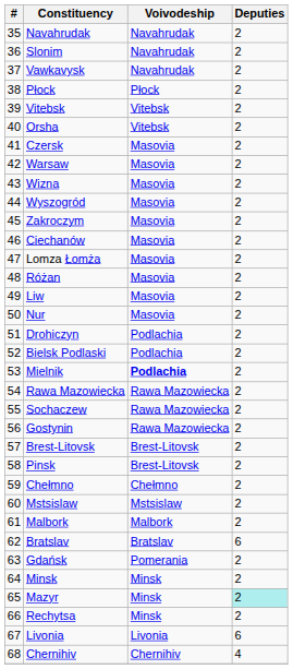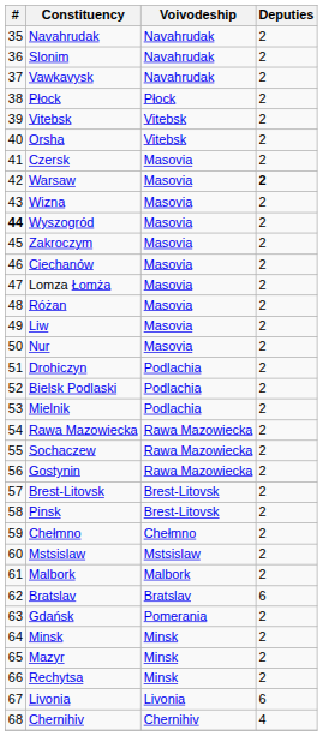 <table class="wikitable sortable">
 <tr>
 <th>#</th>
 <th>Constituency</th>
 <th>Voivodeship</th>
 <th>Deputies</th>
 </tr>
 <tr>
 <td>35</td>
 <td><a href='#'>Navahrudak</a></td>
 <td><a href='#'>Navahrudak</a></td>
 <td>2</td>
 </tr>
 <tr>
 <td>36</td>
 <td><a href='#'>Slonim</a></td>
 <td><a href='#'>Navahrudak</a></td>
 <td>2</td>
 </tr>
 <tr>
 <td>37</td>
 <td><a href='#'>Vawkavysk</a></td>
 <td><a href='#'>Navahrudak</a></td>
 <td>2</td>
 </tr>
 <tr>
 <td>38</td>
 <td><a href='#'>Płock</a></td>
 <td><a href='#'>Płock</a></td>
 <td>2</td>
 </tr>
 <tr>
 <td>39</td>
 <td><a href='#'>Vitebsk</a></td>
 <td><a href='#'>Vitebsk</a></td>
 <td>2</td>
 </tr>
 <tr>
 <td>40</td>
 <td><a href='#'>Orsha</a></td>
 <td><a href='#'>Vitebsk</a></td>
 <td>2</td>
 </tr>
 <tr>
 <td>41</td>
 <td><a href='#'>Czersk</a></td>
 <td><a href='#'>Masovia</a></td>
 <td>2</td>
 </tr>
 <tr>
 <td>42</td>
 <td><a href='#'>Warsaw</a></td>
 <td><a href='#'>Masovia</a></td>
-<td>2</td>
+<td><strong>2</strong></td>
 </tr>
 <tr>
 <td>43</td>
 <td><a href='#'>Wizna</a></td>
 <td><a href='#'>Masovia</a></td>
 <td>2</td>
 </tr>
 <tr>
-<td>44</td>
+<td><strong>44</strong></td>
 <td><a href='#'>Wyszogród</a></td>
 <td><a href='#'>Masovia</a></td>
 <td>2</td>
 </tr>
 <tr>
 <td>45</td>
 <td><a href='#'>Zakroczym</a></td>
 <td><a href='#'>Masovia</a></td>
 <td>2</td>
 </tr>
 <tr>
 <td>46</td>
 <td><a href='#'>Ciechanów</a></td>
 <td><a href='#'>Masovia</a></td>
 <td>2</td>
 </tr>
 <tr>
 <td>47</td>
 <td><span>Lomza</span> <a href='#'>Łomża</a></td>
 <td><a href='#'>Masovia</a></td>
 <td>2</td>
 </tr>
 <tr>
 <td>48</td>
 <td><a href='#'>Różan</a></td>
 <td><a href='#'>Masovia</a></td>
 <td>2</td>
 </tr>
 <tr>
 <td>49</td>
 <td><a href='#'>Liw</a></td>
 <td><a href='#'>Masovia</a></td>
 <td>2</td>
 </tr>
 <tr>
 <td>50</td>
 <td><a href='#'>Nur</a></td>
 <td><a href='#'>Masovia</a></td>
 <td>2</td>
 </tr>
 <tr>
 <td>51</td>
 <td><a href='#'>Drohiczyn</a></td>
 <td><a href='#'>Podlachia</a></td>
 <td>2</td>
 </tr>
 <tr>
 <td>52</td>
 <td><a href='#'>Bielsk Podlaski</a></td>
 <td><a href='#'>Podlachia</a></td>
 <td>2</td>
 </tr>
 <tr>
 <td>53</td>
 <td><a href='#'>Mielnik</a></td>
-<td><strong><a href='#'>Podlachia</a></strong></td>
+<td><a href='#'>Podlachia</a></td>
 <td>2</td>
 </tr>
 <tr>
 <td>54</td>
 <td><a href='#'>Rawa Mazowiecka</a></td>
 <td><a href='#'>Rawa Mazowiecka</a></td>
 <td>2</td>
 </tr>
 <tr>
 <td>55</td>
 <td><a href='#'>Sochaczew</a></td>
 <td><a href='#'>Rawa Mazowiecka</a></td>
 <td>2</td>
 </tr>
 <tr>
 <td>56</td>
 <td><a href='#'>Gostynin</a></td>
 <td><a href='#'>Rawa Mazowiecka</a></td>
 <td>2</td>
 </tr>
 <tr>
 <td>57</td>
 <td><a href='#'>Brest-Litovsk</a></td>
 <td><a href='#'>Brest-Litovsk</a></td>
 <td>2</td>
 </tr>
 <tr>
 <td>58</td>
 <td><a href='#'>Pinsk</a></td>
 <td><a href='#'>Brest-Litovsk</a></td>
 <td>2</td>
 </tr>
 <tr>
 <td>59</td>
 <td><a href='#'>Chełmno</a></td>
 <td><a href='#'>Chełmno</a></td>
 <td>2</td>
 </tr>
 <tr>
 <td>60</td>
 <td><a href='#'>Mstsislaw</a></td>
 <td><a href='#'>Mstsislaw</a></td>
 <td>2</td>
 </tr>
 <tr>
 <td>61</td>
 <td><a href='#'>Malbork</a></td>
 <td><a href='#'>Malbork</a></td>
 <td>2</td>
 </tr>
 <tr>
 <td>62</td>
 <td><a href='#'>Bratslav</a></td>
 <td><a href='#'>Bratslav</a></td>
 <td>6</td>
 </tr>
 <tr>
 <td>63</td>
 <td><a href='#'>Gdańsk</a></td>
 <td><a href='#'>Pomerania</a></td>
 <td>2</td>
 </tr>
 <tr>
 <td>64</td>
 <td><a href='#'>Minsk</a></td>
 <td><a href='#'>Minsk</a></td>
 <td>2</td>
 </tr>
 <tr>
 <td>65</td>
 <td><a href='#'>Mazyr</a></td>
 <td><a href='#'>Minsk</a></td>
-<td style="background: paleturquoise;">2</td>
+<td>2</td>
 </tr>
 <tr>
 <td>66</td>
 <td><a href='#'>Rechytsa</a></td>
 <td><a href='#'>Minsk</a></td>
 <td>2</td>
 </tr>
 <tr>
 <td>67</td>
 <td><a href='#'>Livonia</a></td>
 <td><a href='#'>Livonia</a></td>
 <td>6</td>
 </tr>
 <tr>
 <td>68</td>
 <td><a href='#'>Chernihiv</a></td>
 <td><a href='#'>Chernihiv</a></td>
 <td>4</td>
 </tr>
 <tr>
 </tr>
 </table>
